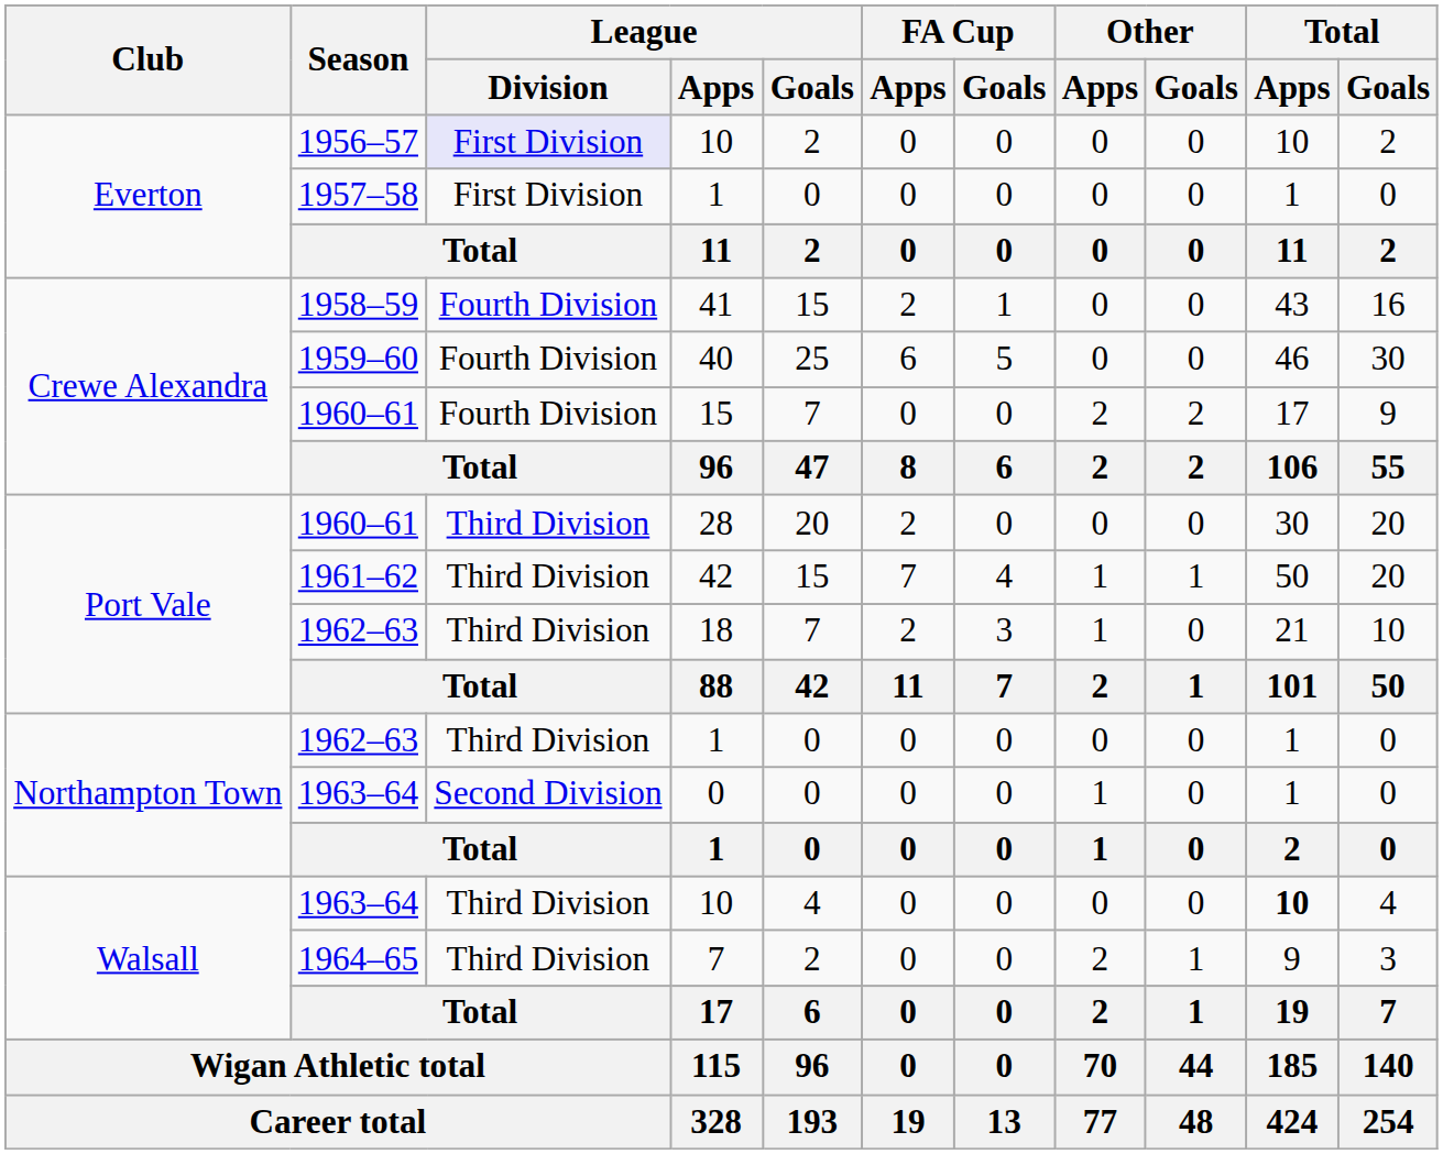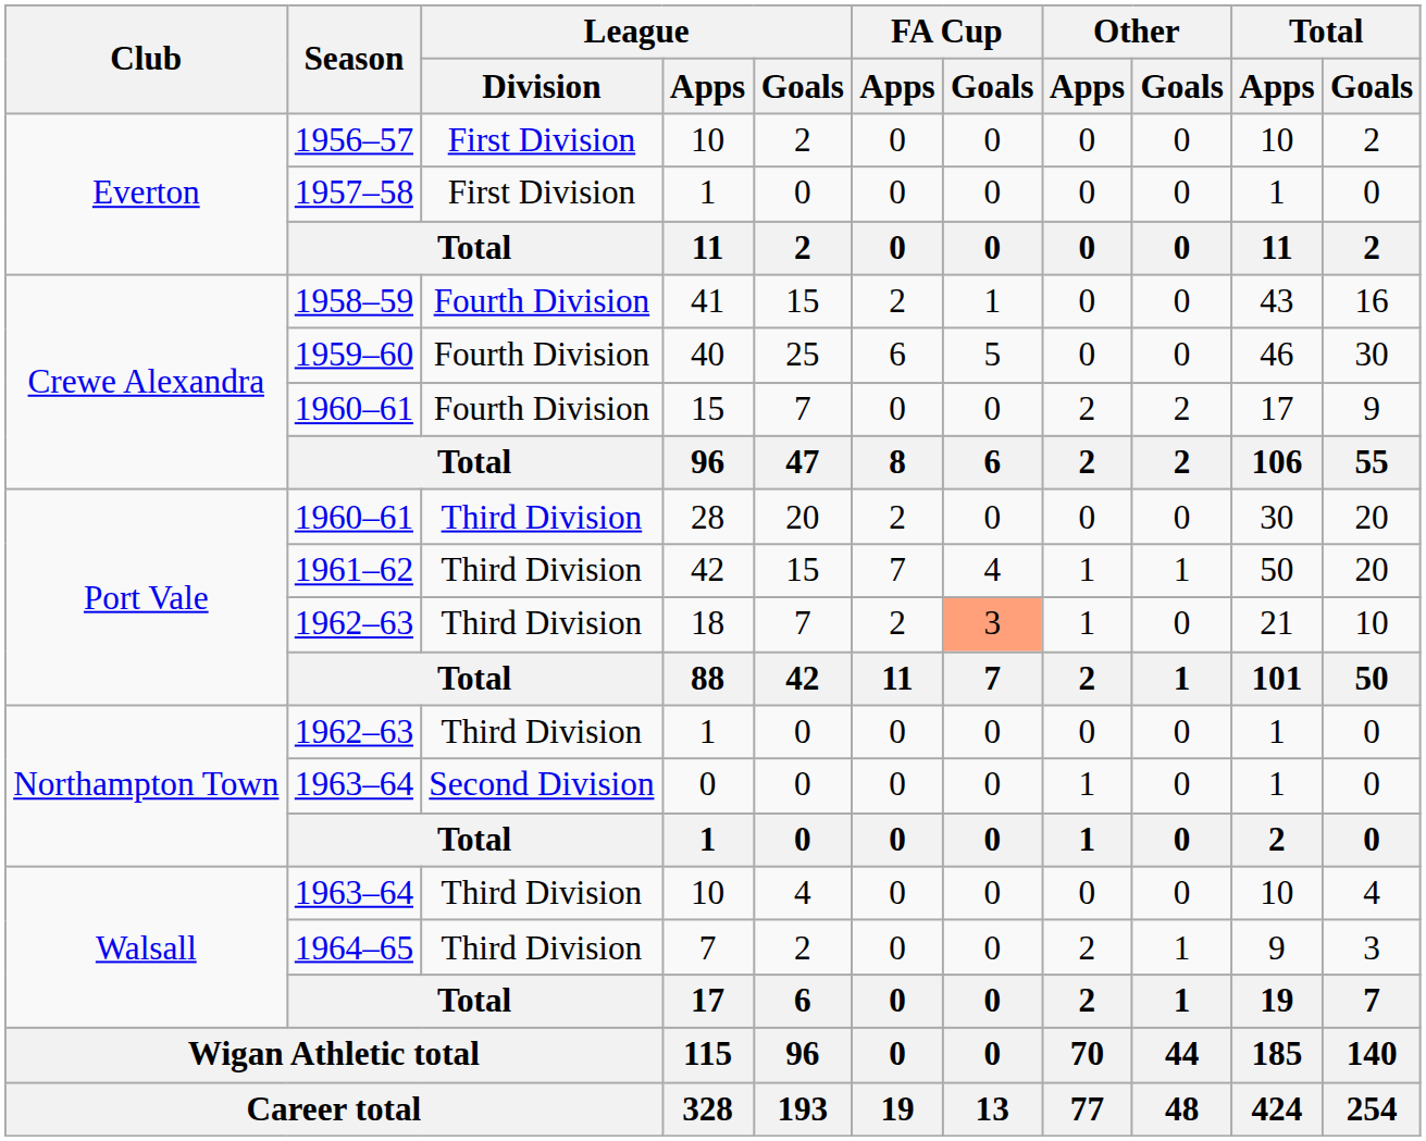 <table class="wikitable" style="text-align: center;">
 <tr>
 <th rowspan="2">Club</th>
 <th rowspan="2">Season</th>
 <th colspan="3">League</th>
 <th colspan="2">FA Cup</th>
 <th colspan="2">Other</th>
 <th colspan="2">Total</th>
 </tr>
 <tr>
 <th>Division</th>
 <th>Apps</th>
 <th>Goals</th>
 <th>Apps</th>
 <th>Goals</th>
 <th>Apps</th>
 <th>Goals</th>
 <th>Apps</th>
 <th>Goals</th>
 </tr>
 <tr>
 <td rowspan="3"><a href='#'>Everton</a></td>
 <td><a href='#'>1956–57</a></td>
-<td style="background: lavender;"><a href='#'>First Division</a></td>
+<td><a href='#'>First Division</a></td>
 <td>10</td>
 <td>2</td>
 <td>0</td>
 <td>0</td>
 <td>0</td>
 <td>0</td>
 <td>10</td>
 <td>2</td>
 </tr>
 <tr>
 <td><a href='#'>1957–58</a></td>
 <td>First Division</td>
 <td>1</td>
 <td>0</td>
 <td>0</td>
 <td>0</td>
 <td>0</td>
 <td>0</td>
 <td>1</td>
 <td>0</td>
 </tr>
 <tr>
 <th colspan="2">Total</th>
 <th>11</th>
 <th>2</th>
 <th>0</th>
 <th>0</th>
 <th>0</th>
 <th>0</th>
 <th>11</th>
 <th>2</th>
 </tr>
 <tr>
 <td rowspan="4"><a href='#'>Crewe Alexandra</a></td>
 <td><a href='#'>1958–59</a></td>
 <td><a href='#'>Fourth Division</a></td>
 <td>41</td>
 <td>15</td>
 <td>2</td>
 <td>1</td>
 <td>0</td>
 <td>0</td>
 <td>43</td>
 <td>16</td>
 </tr>
 <tr>
 <td><a href='#'>1959–60</a></td>
 <td>Fourth Division</td>
 <td>40</td>
 <td>25</td>
 <td>6</td>
 <td>5</td>
 <td>0</td>
 <td>0</td>
 <td>46</td>
 <td>30</td>
 </tr>
 <tr>
 <td><a href='#'>1960–61</a></td>
 <td>Fourth Division</td>
 <td>15</td>
 <td>7</td>
 <td>0</td>
 <td>0</td>
 <td>2</td>
 <td>2</td>
 <td>17</td>
 <td>9</td>
 </tr>
 <tr>
 <th colspan="2">Total</th>
 <th>96</th>
 <th>47</th>
 <th>8</th>
 <th>6</th>
 <th>2</th>
 <th>2</th>
 <th>106</th>
 <th>55</th>
 </tr>
 <tr>
 <td rowspan="4"><a href='#'>Port Vale</a></td>
 <td><a href='#'>1960–61</a></td>
 <td><a href='#'>Third Division</a></td>
 <td>28</td>
 <td>20</td>
 <td>2</td>
 <td>0</td>
 <td>0</td>
 <td>0</td>
 <td>30</td>
 <td>20</td>
 </tr>
 <tr>
 <td><a href='#'>1961–62</a></td>
 <td>Third Division</td>
 <td>42</td>
 <td>15</td>
 <td>7</td>
 <td>4</td>
 <td>1</td>
 <td>1</td>
 <td>50</td>
 <td>20</td>
 </tr>
 <tr>
 <td><a href='#'>1962–63</a></td>
 <td>Third Division</td>
 <td>18</td>
 <td>7</td>
 <td>2</td>
-<td>3</td>
+<td style="background: lightsalmon;">3</td>
 <td>1</td>
 <td>0</td>
 <td>21</td>
 <td>10</td>
 </tr>
 <tr>
 <th colspan="2">Total</th>
 <th>88</th>
 <th>42</th>
 <th>11</th>
 <th>7</th>
 <th>2</th>
 <th>1</th>
 <th>101</th>
 <th>50</th>
 </tr>
 <tr>
 <td rowspan="3"><a href='#'>Northampton Town</a></td>
 <td><a href='#'>1962–63</a></td>
 <td>Third Division</td>
 <td>1</td>
 <td>0</td>
 <td>0</td>
 <td>0</td>
 <td>0</td>
 <td>0</td>
 <td>1</td>
 <td>0</td>
 </tr>
 <tr>
 <td><a href='#'>1963–64</a></td>
 <td><a href='#'>Second Division</a></td>
 <td>0</td>
 <td>0</td>
 <td>0</td>
 <td>0</td>
 <td>1</td>
 <td>0</td>
 <td>1</td>
 <td>0</td>
 </tr>
 <tr>
 <th colspan="2">Total</th>
 <th>1</th>
 <th>0</th>
 <th>0</th>
 <th>0</th>
 <th>1</th>
 <th>0</th>
 <th>2</th>
 <th>0</th>
 </tr>
 <tr>
 <td rowspan="3"><a href='#'>Walsall</a></td>
 <td><a href='#'>1963–64</a></td>
 <td>Third Division</td>
 <td>10</td>
 <td>4</td>
 <td>0</td>
 <td>0</td>
 <td>0</td>
 <td>0</td>
-<td><strong>10</strong></td>
+<td>10</td>
 <td>4</td>
 </tr>
 <tr>
 <td><a href='#'>1964–65</a></td>
 <td>Third Division</td>
 <td>7</td>
 <td>2</td>
 <td>0</td>
 <td>0</td>
 <td>2</td>
 <td>1</td>
 <td>9</td>
 <td>3</td>
 </tr>
 <tr>
 <th colspan="2">Total</th>
 <th>17</th>
 <th>6</th>
 <th>0</th>
 <th>0</th>
 <th>2</th>
 <th>1</th>
 <th>19</th>
 <th>7</th>
 </tr>
 <tr>
 <th colspan="3">Wigan Athletic total</th>
 <th>115</th>
 <th>96</th>
 <th>0</th>
 <th>0</th>
 <th>70</th>
 <th>44</th>
 <th>185</th>
 <th>140</th>
 </tr>
 <tr>
 <th colspan="3">Career total</th>
 <th>328</th>
 <th>193</th>
 <th>19</th>
 <th>13</th>
 <th>77</th>
 <th>48</th>
 <th>424</th>
 <th>254</th>
 </tr>
 </table>
